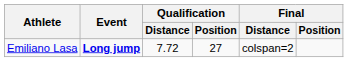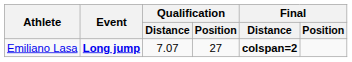 <table class=wikitable style=font-size:90%>
 <tr>
 <th rowspan=2>Athlete</th>
 <th rowspan=2>Event</th>
 <th colspan=2>Qualification</th>
 <th colspan=2>Final</th>
 </tr>
 <tr style=font-size:95%>
 <th>Distance</th>
 <th>Position</th>
 <th>Distance</th>
 <th>Position</th>
 </tr>
 <tr align=center>
 <td align=left><a href='#'>Emiliano Lasa</a></td>
 <td align=left><strong><a href='#'>Long jump</a></strong></td>
-<td>7.72</td>
+<td>7.07</td>
 <td>27</td>
-<td>colspan=2 </td>
+<td><strong>colspan=2 </strong></td>
 </tr>
 </table>
